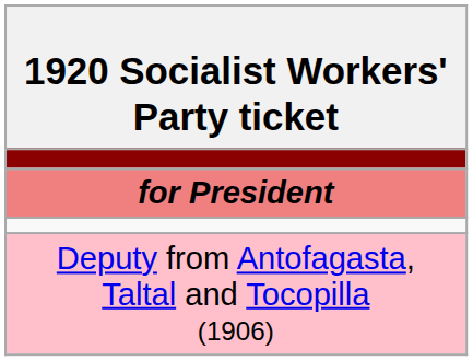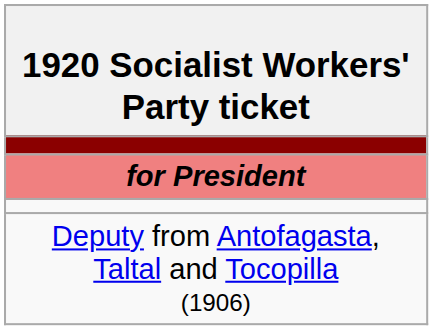 <table class="wikitable" style="font-size:90%; text-align:center;">
 <tr>
 <td style="background:#f1f1f1;" colspan="30"><br><big><strong>1920 Socialist Workers' Party ticket</strong></big></td>
 </tr>
 <tr>
 <th style="width:3em; font-size:135%; background:#8B0000; width:200px;"><a href='#'></a></th>
 </tr>
 <tr style="color:#000; font-size:100%; background:#F08080;">
 <td style="width:3em; width:200px;"><strong><em>for President</em></strong></td>
 </tr>
 <tr>
 <td></td>
 </tr>
 <tr>
-<td style="background: pink;"><a href='#'>Deputy</a> from <a href='#'>Antofagasta</a>,<br><a href='#'>Taltal</a> and <a href='#'>Tocopilla</a><br><small>(1906)</small></td>
+<td><a href='#'>Deputy</a> from <a href='#'>Antofagasta</a>,<br><a href='#'>Taltal</a> and <a href='#'>Tocopilla</a><br><small>(1906)</small></td>
 </tr>
 </table>
